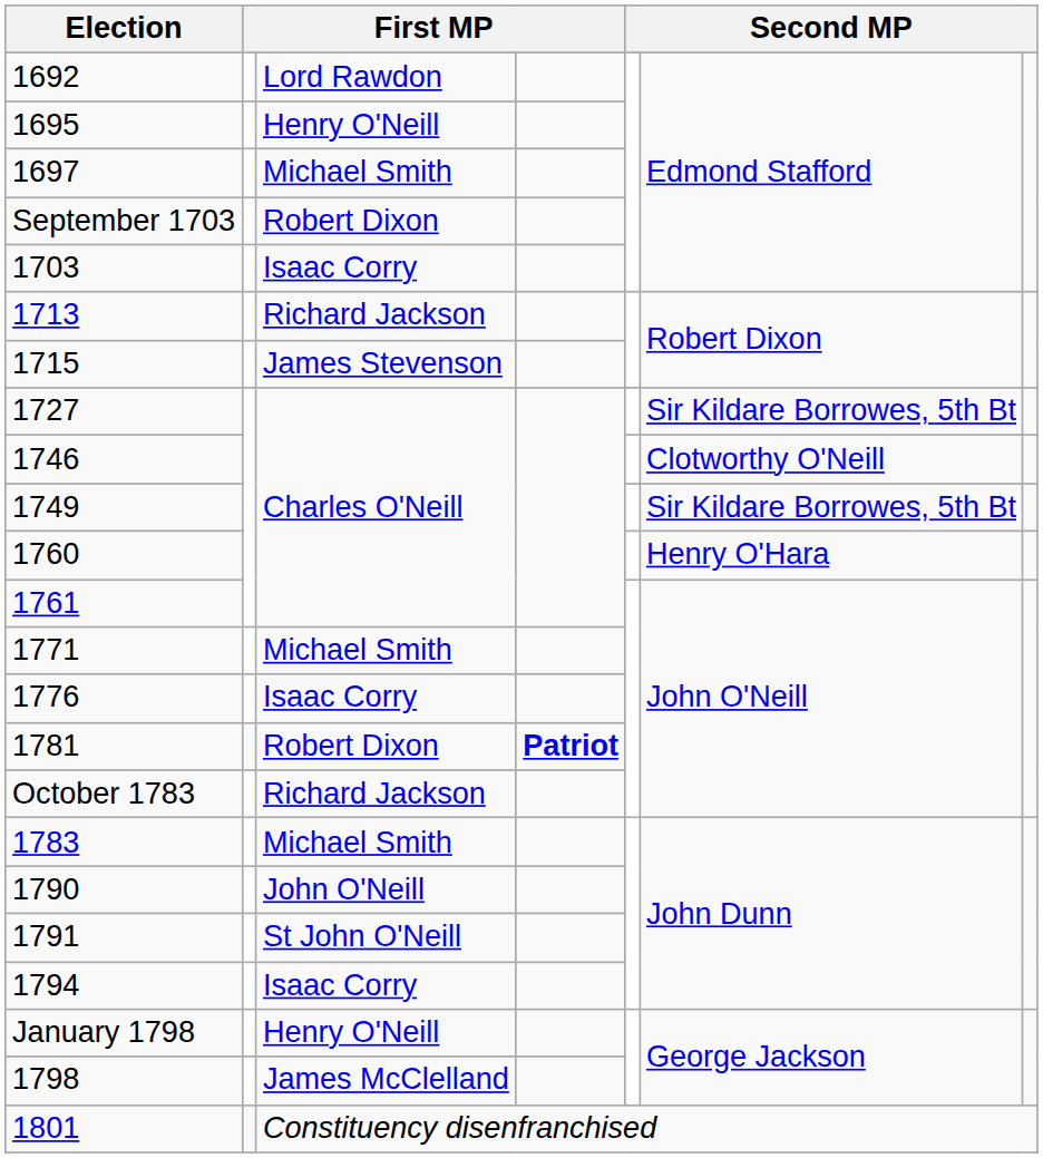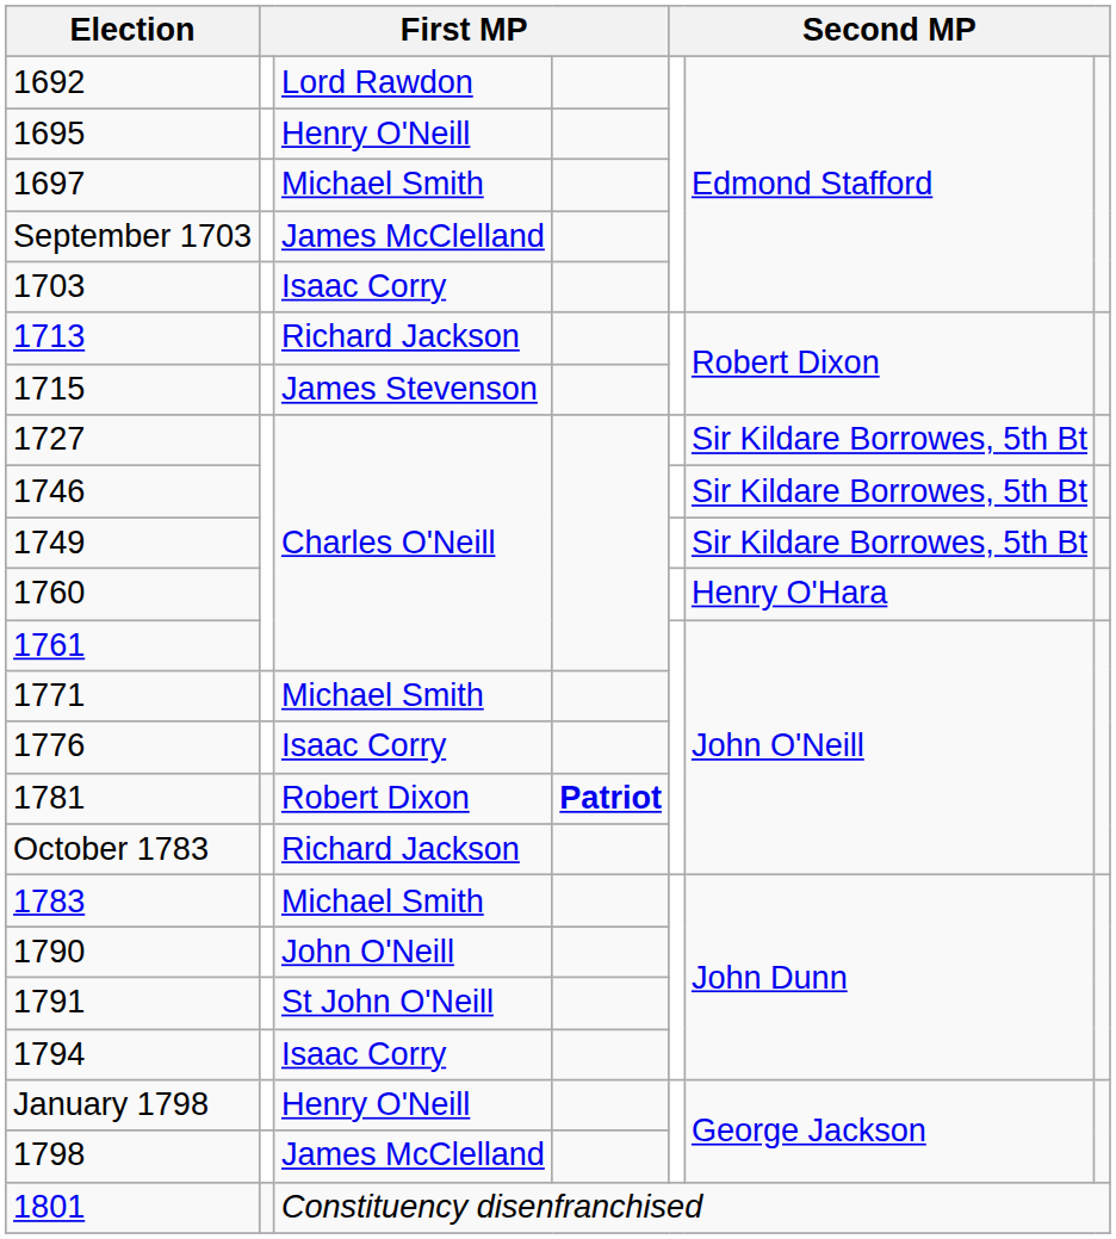 <table class="wikitable">
 <tr>
 <th>Election</th>
 <th colspan=3>First MP</th>
 <th colspan=3>Second MP</th>
 </tr>
 <tr>
 <td>1692</td>
 <td style="background-color: white"></td>
 <td><a href='#'>Lord Rawdon</a></td>
 <td></td>
 <td rowspan="5" style="background-color: white"></td>
 <td rowspan="5"><a href='#'>Edmond Stafford</a></td>
 <td rowspan="5"></td>
 </tr>
 <tr>
 <td>1695</td>
 <td style="background-color: white"></td>
 <td><a href='#'>Henry O'Neill</a></td>
 <td></td>
 </tr>
 <tr>
 <td>1697</td>
 <td style="background-color: white"></td>
 <td><a href='#'>Michael Smith</a></td>
 <td></td>
 </tr>
 <tr>
 <td>September 1703</td>
 <td style="background-color: white"></td>
-<td><a href='#'>Robert Dixon</a></td>
+<td><a href='#'>James McClelland</a></td>
 <td></td>
 </tr>
 <tr>
 <td>1703</td>
 <td style="background-color: white"></td>
 <td><a href='#'>Isaac Corry</a></td>
 <td></td>
 </tr>
 <tr>
 <td><a href='#'>1713</a></td>
 <td style="background-color: white"></td>
 <td><a href='#'>Richard Jackson</a></td>
 <td></td>
 <td rowspan="2" style="background-color: white"></td>
 <td rowspan="2"><a href='#'>Robert Dixon</a></td>
 <td rowspan="2"></td>
 </tr>
 <tr>
 <td>1715</td>
 <td style="background-color: white"></td>
 <td><a href='#'>James Stevenson</a></td>
 <td></td>
 </tr>
 <tr>
 <td>1727</td>
 <td rowspan="5" style="background-color: white"></td>
 <td rowspan="5"><a href='#'>Charles O'Neill</a></td>
 <td rowspan="5"></td>
 <td style="background-color: white"></td>
 <td><a href='#'>Sir Kildare Borrowes, 5th Bt</a></td>
 <td></td>
 </tr>
 <tr>
 <td>1746</td>
 <td style="background-color: white"></td>
-<td><a href='#'>Clotworthy O'Neill</a></td>
+<td><a href='#'>Sir Kildare Borrowes, 5th Bt</a></td>
 <td></td>
 </tr>
 <tr>
 <td>1749</td>
 <td style="background-color: white"></td>
 <td><a href='#'>Sir Kildare Borrowes, 5th Bt</a></td>
 <td></td>
 </tr>
 <tr>
 <td>1760</td>
 <td style="background-color: white"></td>
 <td><a href='#'>Henry O'Hara</a></td>
 <td></td>
 </tr>
 <tr>
 <td><a href='#'>1761</a></td>
 <td rowspan="5" style="background-color: white"></td>
 <td rowspan="5"><a href='#'>John O'Neill</a></td>
 <td rowspan="5"></td>
 </tr>
 <tr>
 <td>1771</td>
 <td style="background-color: white"></td>
 <td><a href='#'>Michael Smith</a></td>
 <td></td>
 </tr>
 <tr>
 <td>1776</td>
 <td style="background-color: white"></td>
 <td><a href='#'>Isaac Corry</a></td>
 <td></td>
 </tr>
 <tr>
 <td>1781</td>
 <td style="background-color: "></td>
 <td><a href='#'>Robert Dixon</a></td>
 <td><strong><a href='#'>Patriot</a></strong></td>
 </tr>
 <tr>
 <td>October 1783</td>
 <td style="background-color: white"></td>
 <td><a href='#'>Richard Jackson</a></td>
 <td></td>
 </tr>
 <tr>
 <td><a href='#'>1783</a></td>
 <td style="background-color: white"></td>
 <td><a href='#'>Michael Smith</a></td>
 <td></td>
 <td rowspan="4" style="background-color: white"></td>
 <td rowspan="4"><a href='#'>John Dunn</a></td>
 <td rowspan="4"></td>
 </tr>
 <tr>
 <td>1790</td>
 <td style="background-color: white"></td>
 <td><a href='#'>John O'Neill</a></td>
 <td></td>
 </tr>
 <tr>
 <td>1791</td>
 <td style="background-color: white"></td>
 <td><a href='#'>St John O'Neill</a></td>
 <td></td>
 </tr>
 <tr>
 <td>1794</td>
 <td style="background-color: white"></td>
 <td><a href='#'>Isaac Corry</a></td>
 <td></td>
 </tr>
 <tr>
 <td>January 1798</td>
 <td style="background-color: white"></td>
 <td><a href='#'>Henry O'Neill</a></td>
 <td></td>
 <td rowspan="2" style="background-color: white"></td>
 <td rowspan="2"><a href='#'>George Jackson</a></td>
 <td rowspan="2"></td>
 </tr>
 <tr>
 <td>1798</td>
 <td style="background-color: white"></td>
 <td><a href='#'>James McClelland</a></td>
 <td></td>
 </tr>
 <tr>
 <td><a href='#'>1801</a></td>
 <td></td>
 <td colspan = "5"><em>Constituency disenfranchised</em></td>
 </tr>
 </table>
